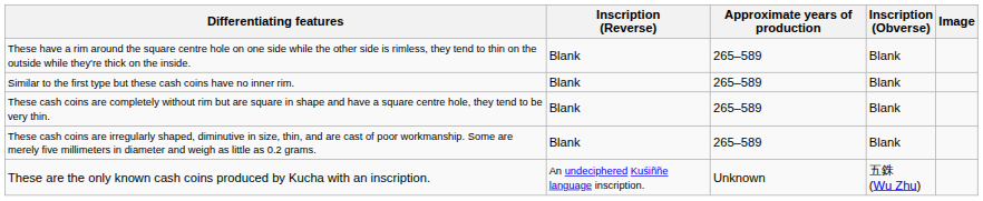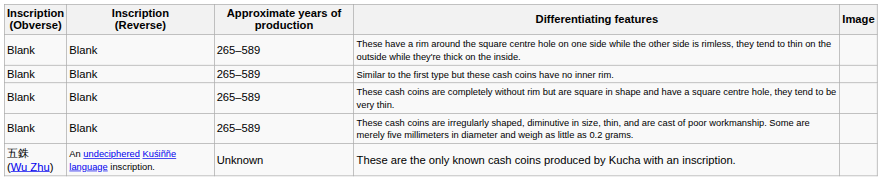 <table class="wikitable">
 <tr>
-<th>Differentiating features</th>
+<th>Inscription<br>(Obverse)</th>
 <th>Inscription<br>(Reverse)</th>
 <th>Approximate years of production</th>
-<th>Inscription<br>(Obverse)</th>
+<th>Differentiating features</th>
 <th>Image</th>
 </tr>
 <tr>
-<td><small>These have a rim around the square centre hole on one side while the other side is rimless, they tend to thin on the outside while they're thick on the inside.</small></td>
+<td>Blank</td>
 <td>Blank</td>
 <td>265–589</td>
-<td>Blank</td>
+<td><small>These have a rim around the square centre hole on one side while the other side is rimless, they tend to thin on the outside while they're thick on the inside.</small></td>
 <td></td>
 </tr>
 <tr>
-<td><small>Similar to the first type but these cash coins have no inner rim.</small></td>
+<td>Blank</td>
 <td>Blank</td>
 <td>265–589</td>
-<td>Blank</td>
+<td><small>Similar to the first type but these cash coins have no inner rim.</small></td>
 <td></td>
 </tr>
 <tr>
-<td><small>These cash coins are completely without rim but are square in shape and have a square centre hole, they tend to be very thin.</small></td>
+<td>Blank</td>
 <td>Blank</td>
 <td>265–589</td>
-<td>Blank</td>
+<td><small>These cash coins are completely without rim but are square in shape and have a square centre hole, they tend to be very thin.</small></td>
 <td></td>
 </tr>
 <tr>
-<td><small>These cash coins are irregularly shaped, diminutive in size, thin, and are cast of poor workmanship. Some are merely five millimeters in diameter and weigh as little as 0.2 grams.</small></td>
+<td>Blank</td>
 <td>Blank</td>
 <td>265–589</td>
-<td>Blank</td>
+<td><small>These cash coins are irregularly shaped, diminutive in size, thin, and are cast of poor workmanship. Some are merely five millimeters in diameter and weigh as little as 0.2 grams.</small></td>
 <td></td>
 </tr>
 <tr>
-<td>These are the only known cash coins produced by Kucha with an inscription.</td>
+<td>五銖<br>(<a href='#'>Wu Zhu</a>)</td>
 <td><small>An <a href='#'>undeciphered</a> <a href='#'>Kuśiññe language</a> inscription.</small></td>
 <td>Unknown</td>
-<td>五銖<br>(<a href='#'>Wu Zhu</a>)</td>
+<td>These are the only known cash coins produced by Kucha with an inscription.</td>
 <td></td>
 </tr>
 </table>
